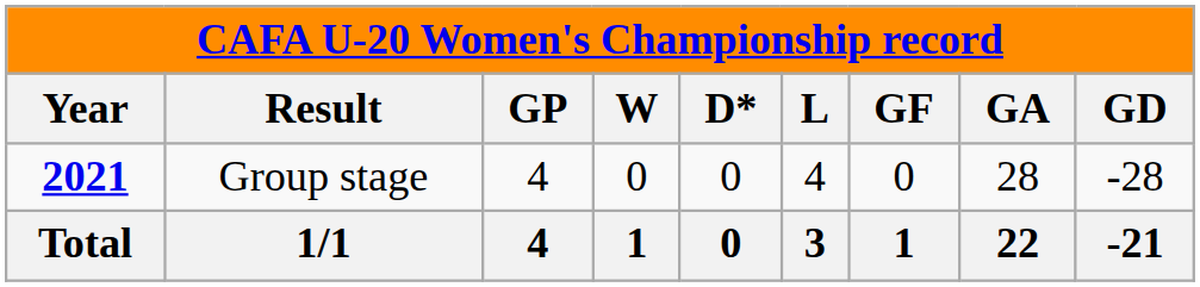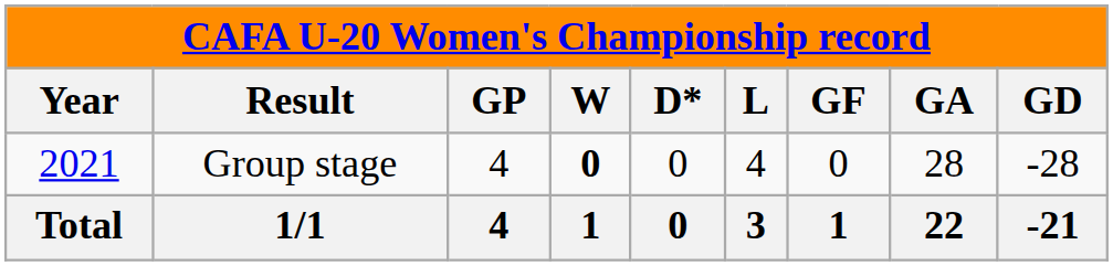 <table class="wikitable" style="text-align: center; width:50%;">
 <tr>
 <th colspan=12 style="background: #FF8C00; color: #0000FF;"><a href='#'>CAFA U-20 Women's Championship record</a></th>
 </tr>
 <tr>
 <th>Year</th>
 <th>Result</th>
 <th>GP</th>
 <th>W</th>
 <th>D*</th>
 <th>L</th>
 <th>GF</th>
 <th>GA</th>
 <th>GD</th>
 </tr>
 <tr>
-<td><strong><a href='#'>2021</a></strong></td>
+<td><a href='#'>2021</a></td>
 <td>Group stage</td>
 <td>4</td>
-<td>0</td>
+<td><strong>0</strong></td>
 <td>0</td>
 <td>4</td>
 <td>0</td>
 <td>28</td>
 <td>-28</td>
 </tr>
 <tr>
 <th>Total</th>
 <th>1/1</th>
 <th>4</th>
 <th>1</th>
 <th>0</th>
 <th>3</th>
 <th>1</th>
 <th>22</th>
 <th>-21</th>
 </tr>
 </table>
